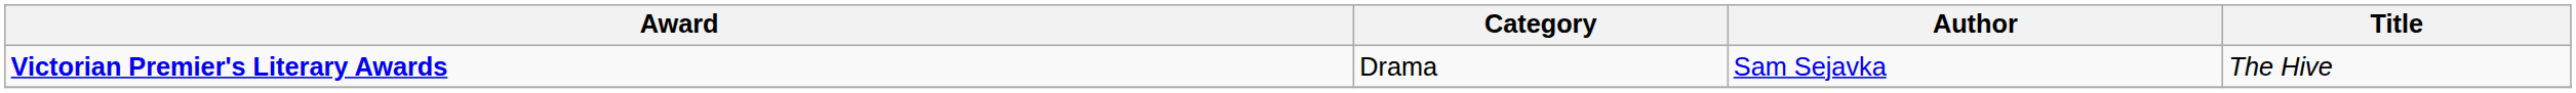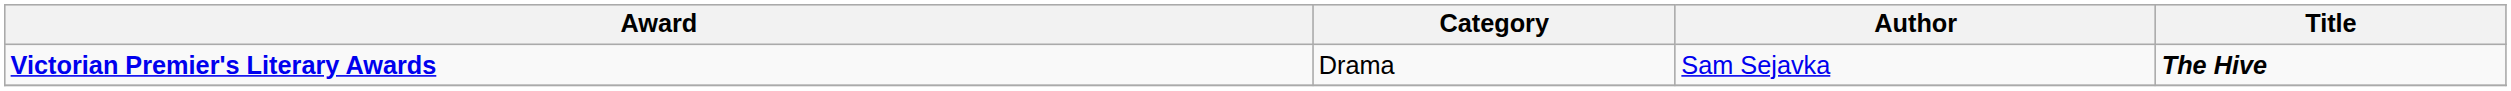 <table class="wikitable" width=100%>
 <tr>
 <th>Award</th>
 <th>Category</th>
 <th>Author</th>
 <th>Title</th>
 </tr>
 <tr>
 <td><strong><a href='#'>Victorian Premier's Literary Awards</a></strong></td>
 <td>Drama</td>
 <td><a href='#'>Sam Sejavka</a></td>
-<td><em>The Hive</em></td>
+<td><strong><em>The Hive</em></strong></td>
 </tr>
 <tr>
 </tr>
 </table>
